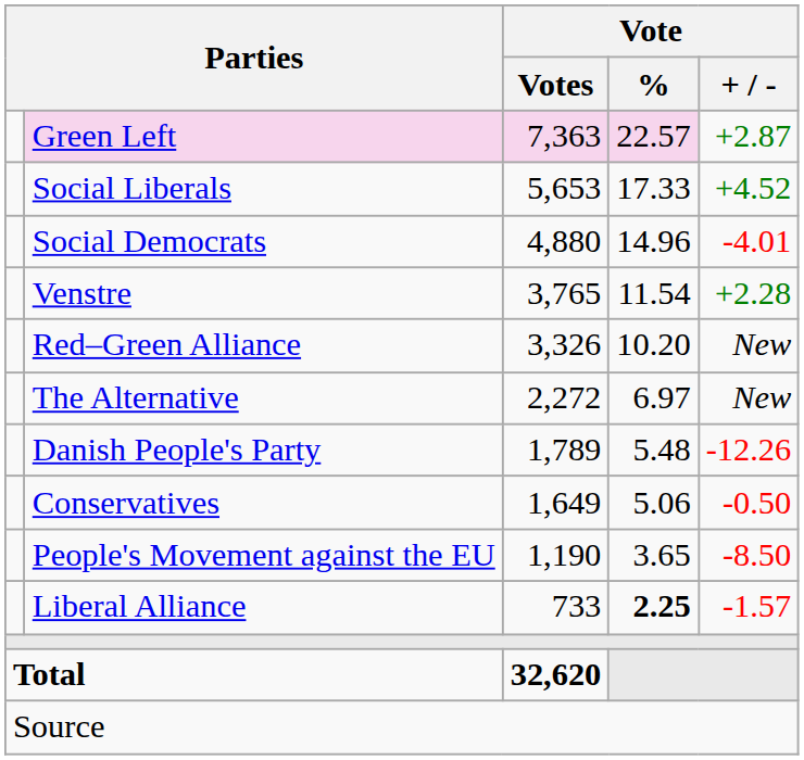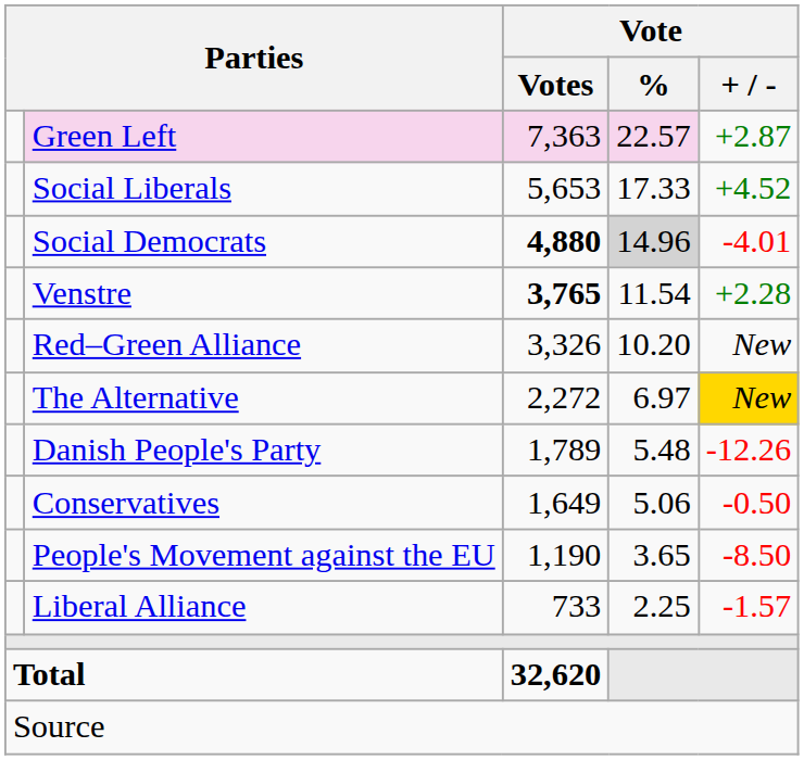 <table class="wikitable" style="text-align:right;">
 <tr>
 <th style="text-align:centre;" rowspan="2" colspan="2" width="225">Parties</th>
 <th colspan="3">Vote</th>
 </tr>
 <tr>
 <th width="15">Votes</th>
 <th width="15">%</th>
 <th width="15">+ / -</th>
 </tr>
 <tr>
 <td width="2" style="color:inherit;background:"></td>
 <td bgcolor=#f7d5ed   align="left"><a href='#'>Green Left</a></td>
 <td bgcolor=#f7d5ed>7,363</td>
 <td bgcolor=#f7d5ed>22.57</td>
 <td style=color:green;>+2.87</td>
 </tr>
 <tr>
 <td width="2" style="color:inherit;background:"></td>
 <td align="left"><a href='#'>Social Liberals</a></td>
 <td>5,653</td>
 <td>17.33</td>
 <td style=color:green;>+4.52</td>
 </tr>
 <tr>
 <td width="2" style="color:inherit;background:"></td>
 <td align="left"><a href='#'>Social Democrats</a></td>
-<td>4,880</td>
-<td>14.96</td>
+<td><strong>4,880</strong></td>
+<td style="background: lightgrey;">14.96</td>
 <td style=color:red;>-4.01</td>
 </tr>
 <tr>
 <td width="2" style="color:inherit;background:"></td>
 <td align="left"><a href='#'>Venstre</a></td>
-<td>3,765</td>
+<td><strong>3,765</strong></td>
 <td>11.54</td>
 <td style=color:green;>+2.28</td>
 </tr>
 <tr>
 <td width="2" style="color:inherit;background:"></td>
 <td align="left"><a href='#'>Red–Green Alliance</a></td>
 <td>3,326</td>
 <td>10.20</td>
 <td><em>New</em></td>
 </tr>
 <tr>
 <td width="2" style="color:inherit;background:"></td>
 <td align="left"><a href='#'>The Alternative</a></td>
 <td>2,272</td>
 <td>6.97</td>
-<td><em>New</em></td>
+<td style="background: gold;"><em>New</em></td>
 </tr>
 <tr>
 <td width="2" style="color:inherit;background:"></td>
 <td align="left"><a href='#'>Danish People's Party</a></td>
 <td>1,789</td>
 <td>5.48</td>
 <td style=color:red;>-12.26</td>
 </tr>
 <tr>
 <td width="2" style="color:inherit;background:"></td>
 <td align="left"><a href='#'>Conservatives</a></td>
 <td>1,649</td>
 <td>5.06</td>
 <td style=color:red;>-0.50</td>
 </tr>
 <tr>
 <td width="2" style="color:inherit;background:"></td>
 <td align="left"><a href='#'>People's Movement against the EU</a></td>
 <td>1,190</td>
 <td>3.65</td>
 <td style=color:red;>-8.50</td>
 </tr>
 <tr>
 <td width="2" style="color:inherit;background:"></td>
 <td align="left"><a href='#'>Liberal Alliance</a></td>
 <td>733</td>
-<td><strong>2.25</strong></td>
+<td>2.25</td>
 <td style=color:red;>-1.57</td>
 </tr>
 <tr>
 <td colspan="7" bgcolor="#E9E9E9"></td>
 </tr>
 <tr>
 <td align="left" colspan="2"><strong>Total</strong></td>
 <td><strong>32,620</strong></td>
 <td bgcolor="#E9E9E9" colspan="2"></td>
 </tr>
 <tr>
 <td align="left" colspan="6">Source</td>
 </tr>
 </table>
